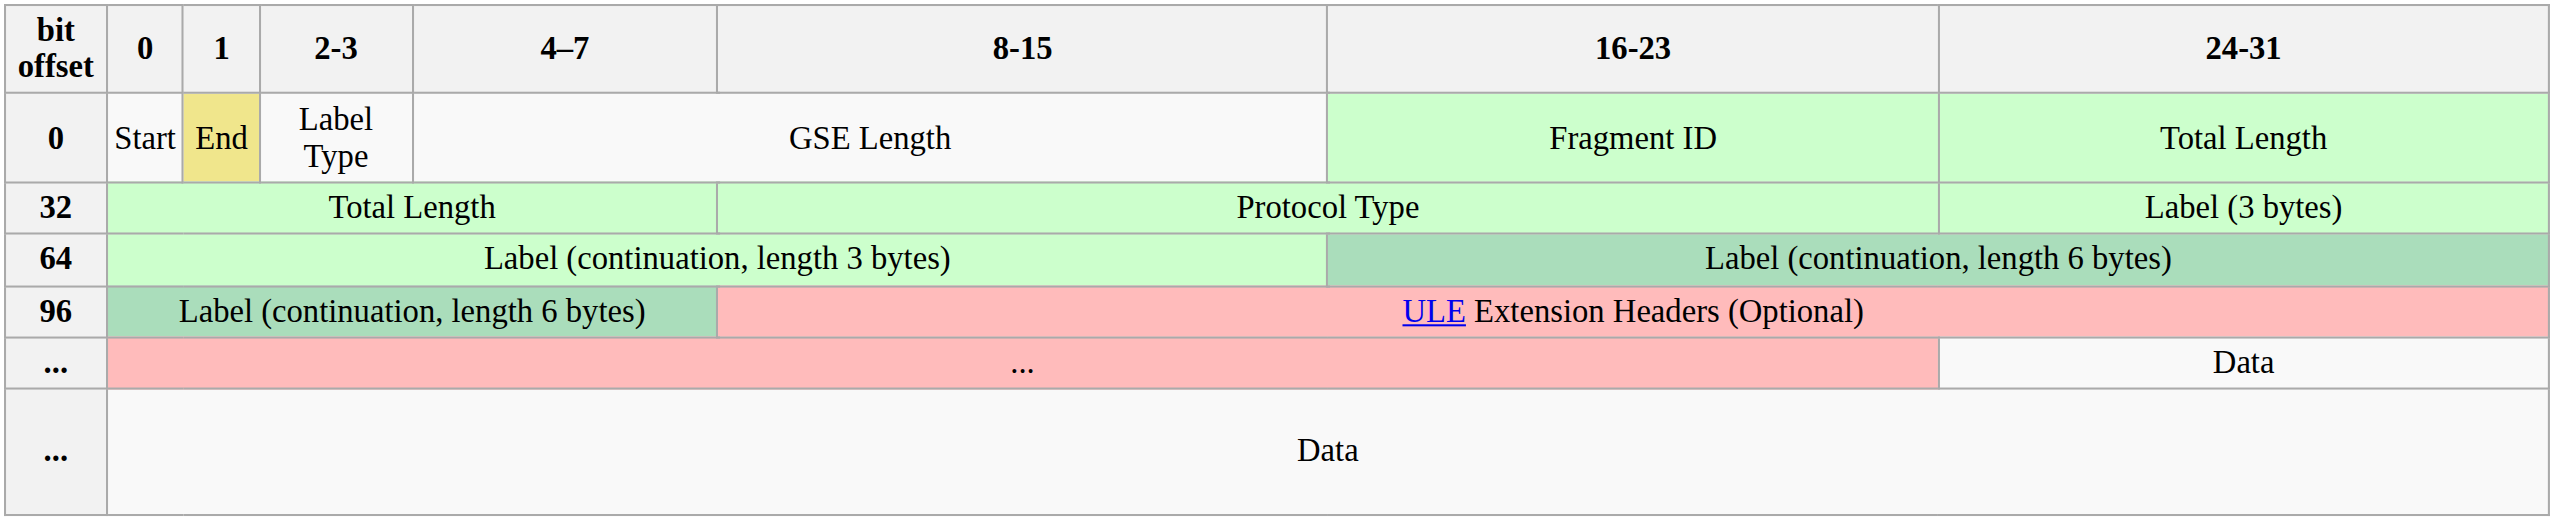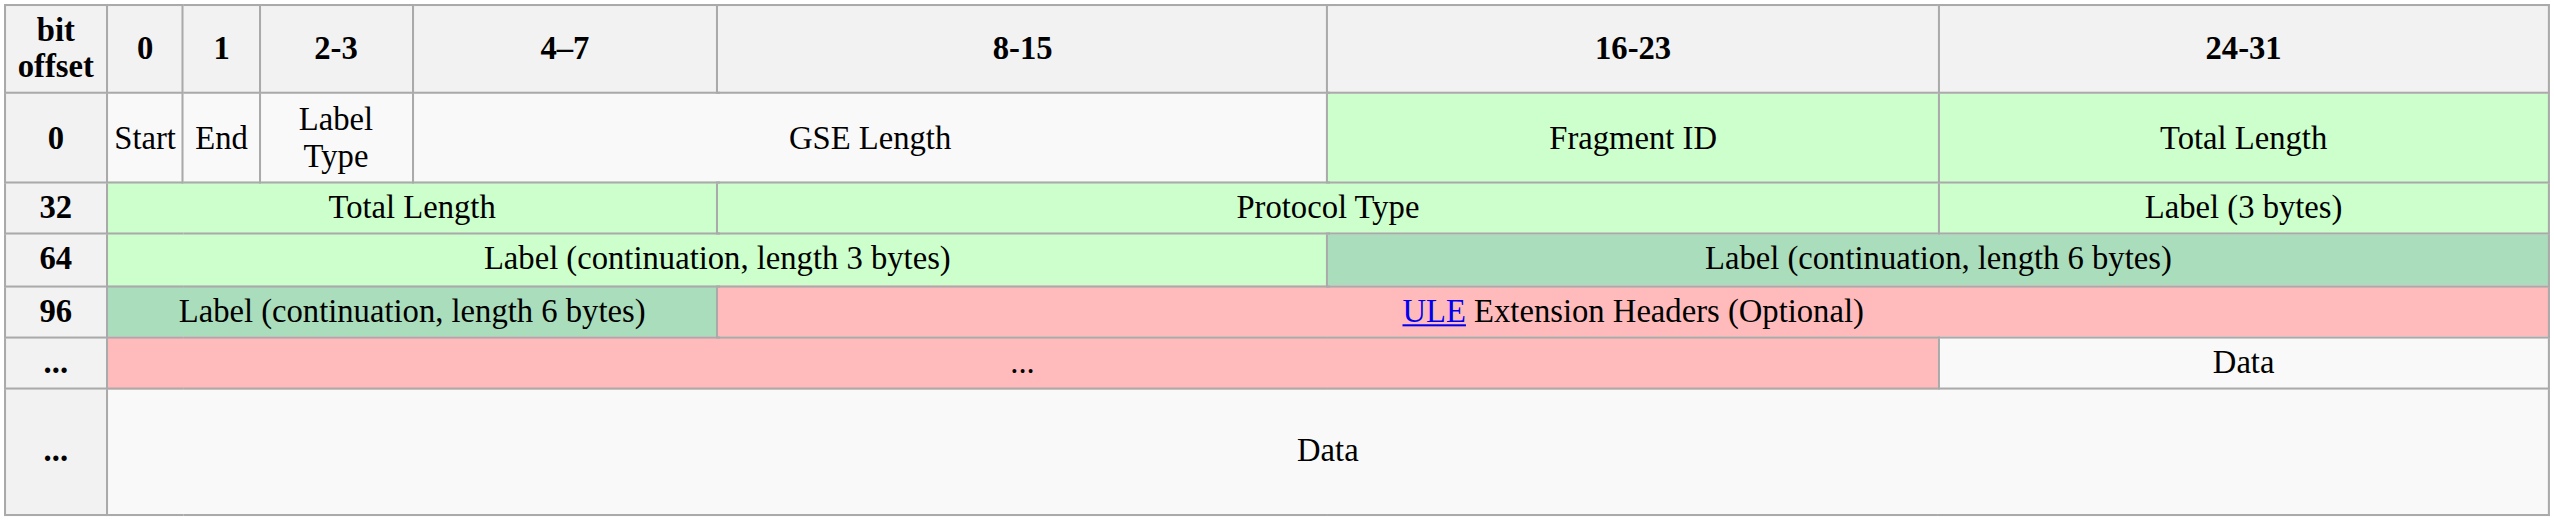 <table class="wikitable" style="text-align:center">
 <tr>
 <th width="4%">bit offset</th>
 <th colspan="1" width="3%">0</th>
 <th colspan="1" width="3%">1</th>
 <th colspan="2" width="6%">2-3</th>
 <th colspan="4" width="12%">4–7</th>
 <th colspan="8" width="24%">8-15</th>
 <th colspan="8" width="24%">16-23</th>
 <th colspan="8" width="24%">24-31</th>
 </tr>
 <tr>
 <th>0</th>
 <td colspan="1">Start</td>
-<td colspan="1" style="background: khaki;">End</td>
+<td colspan="1">End</td>
 <td colspan="2">Label Type</td>
 <td colspan="12">GSE Length</td>
 <td colspan="8" bgcolor="#CCFFCC">Fragment ID</td>
 <td colspan="8" bgcolor="#CCFFCC">Total Length</td>
 </tr>
 <tr>
 <th>32</th>
 <td colspan="8" bgcolor="#CCFFCC">Total Length</td>
 <td colspan="16" bgcolor="#CCFFCC">Protocol Type</td>
 <td colspan="8" bgcolor="#CCFFCC">Label (3 bytes)</td>
 </tr>
 <tr>
 <th>64</th>
 <td colspan="16" bgcolor="#CCFFCC">Label (continuation, length 3 bytes)</td>
 <td colspan="16" bgcolor="#AADDBB">Label (continuation, length 6 bytes)</td>
 </tr>
 <tr>
 <th>96</th>
 <td colspan="8" bgcolor="#AADDBB">Label (continuation, length 6 bytes)</td>
 <td colspan="24" bgcolor="#FFBBBB"><a href='#'>ULE</a> Extension Headers (Optional)</td>
 </tr>
 <tr>
 <th>...</th>
 <td colspan="24" bgcolor="#FFBBBB">...</td>
 <td colspan="8">Data</td>
 </tr>
 <tr>
 <th>...</th>
 <td colspan="32"> <br>Data<br> </td>
 </tr>
 </table>
